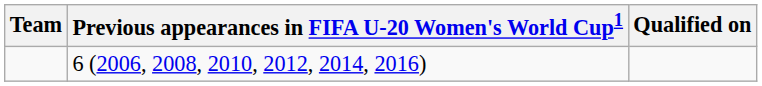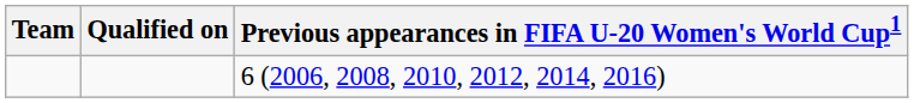 <table class="wikitable sortable">
 <tr>
 <th>Team</th>
+<th>Qualified on</th>
 <th data-sort-type="number">Previous appearances in <a href='#'>FIFA U-20 Women's World Cup</a><sup><strong><a href='#'>1</a></strong></sup></th>
-<th>Qualified on</th>
 </tr>
 <tr>
 <td></td>
+<td></td>
 <td>6 (<a href='#'>2006</a>, <a href='#'>2008</a>, <a href='#'>2010</a>, <a href='#'>2012</a>, <a href='#'>2014</a>, <a href='#'>2016</a>)</td>
-<td></td>
 </tr>
 </table>
